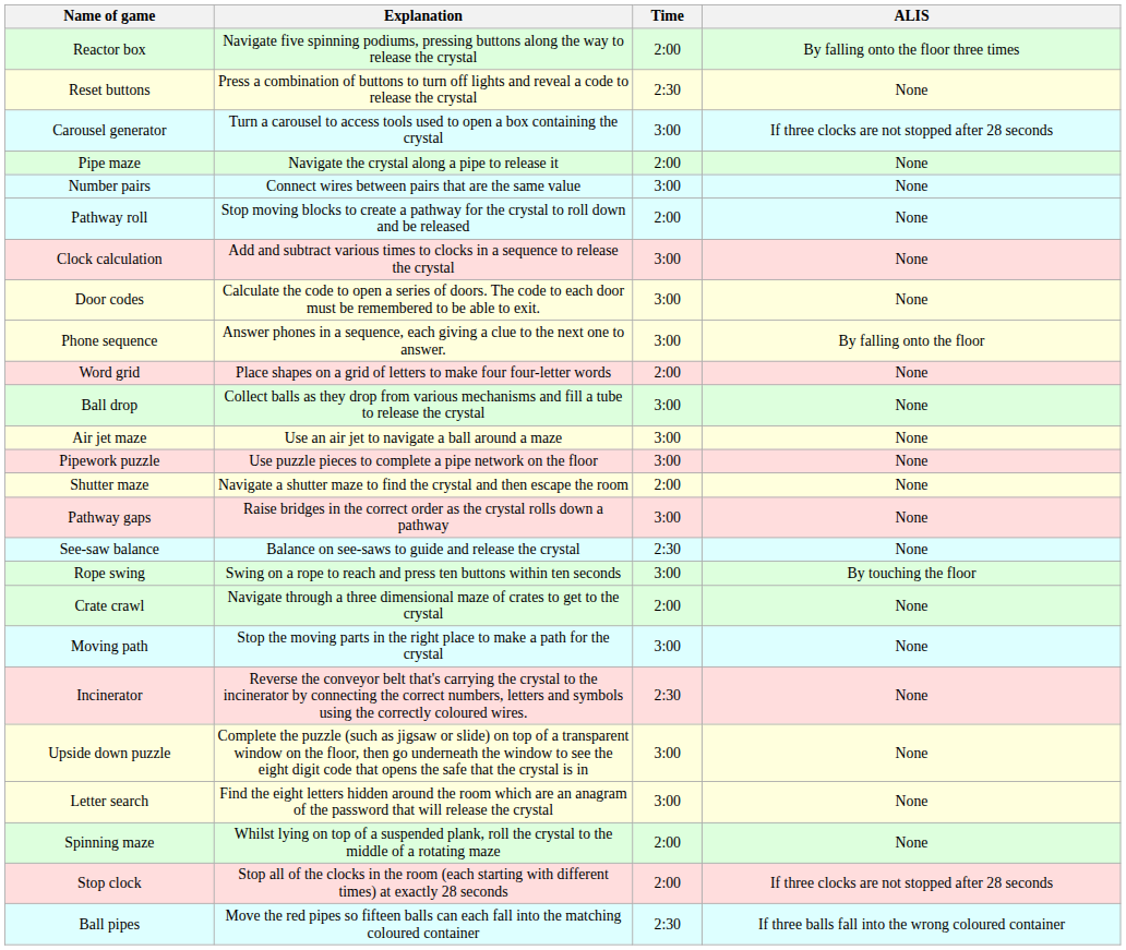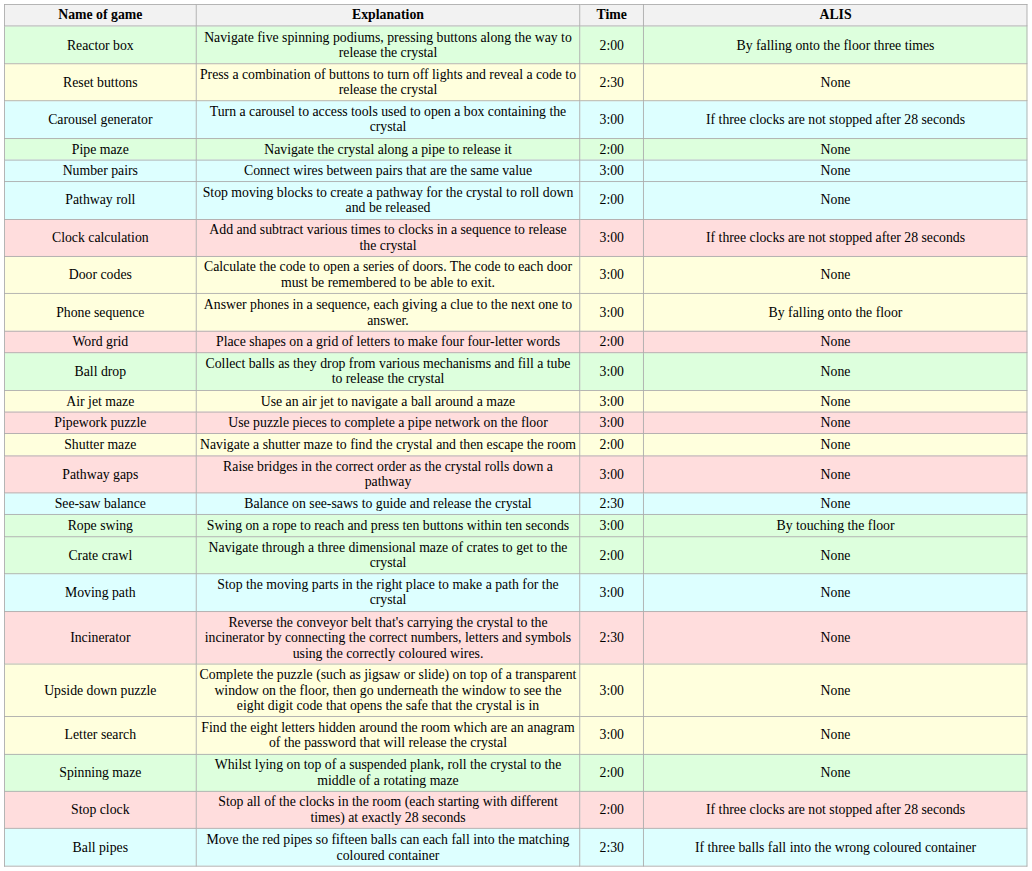 <table class="wikitable sortable"  style="width:60%; left:0 auto; text-align:center;">
 <tr>
 <th style="width:15%;">Name of game</th>
 <th style="width:30%;">Explanation</th>
 <th style="width:5%;">Time</th>
 <th style="width:30%;">ALIS</th>
 </tr>
 <tr style="background:#dfd;">
 <td>Reactor box</td>
 <td>Navigate five spinning podiums, pressing buttons along the way to release the crystal</td>
 <td>2:00</td>
 <td>By falling onto the floor three times</td>
 </tr>
 <tr style="background:#ffd;">
 <td>Reset buttons</td>
 <td>Press a combination of buttons to turn off lights and reveal a code to release the crystal</td>
 <td>2:30</td>
 <td>None</td>
 </tr>
 <tr style="background:#dff;">
 <td>Carousel generator</td>
 <td>Turn a carousel to access tools used to open a box containing the crystal</td>
 <td>3:00</td>
 <td>If three clocks are not stopped after 28 seconds</td>
 </tr>
 <tr style="background:#dfd;">
 <td>Pipe maze</td>
 <td>Navigate the crystal along a pipe to release it</td>
 <td>2:00</td>
 <td>None</td>
 </tr>
 <tr style="background:#dff;">
 <td>Number pairs</td>
 <td>Connect wires between pairs that are the same value</td>
 <td>3:00</td>
 <td>None</td>
 </tr>
 <tr style="background:#dff;">
 <td>Pathway roll</td>
 <td>Stop moving blocks to create a pathway for the crystal to roll down and be released</td>
 <td>2:00</td>
 <td>None</td>
 </tr>
 <tr style="background:#fdd;">
 <td>Clock calculation</td>
 <td>Add and subtract various times to clocks in a sequence to release the crystal</td>
 <td>3:00</td>
-<td>None</td>
+<td>If three clocks are not stopped after 28 seconds</td>
 </tr>
 <tr style="background:#ffd;">
 <td>Door codes</td>
 <td>Calculate the code to open a series of doors. The code to each door must be remembered to be able to exit.</td>
 <td>3:00</td>
 <td>None</td>
 </tr>
 <tr style="background:#ffd;">
 <td>Phone sequence</td>
 <td>Answer phones in a sequence, each giving a clue to the next one to answer.</td>
 <td>3:00</td>
 <td>By falling onto the floor</td>
 </tr>
 <tr style="background:#fdd;">
 <td>Word grid</td>
 <td>Place shapes on a grid of letters to make four four-letter words</td>
 <td>2:00</td>
 <td>None</td>
 </tr>
 <tr style="background:#dfd;">
 <td>Ball drop</td>
 <td>Collect balls as they drop from various mechanisms and fill a tube to release the crystal</td>
 <td>3:00</td>
 <td>None</td>
 </tr>
 <tr style="background:#ffd;">
 <td>Air jet maze</td>
 <td>Use an air jet to navigate a ball around a maze</td>
 <td>3:00</td>
 <td>None</td>
 </tr>
 <tr style="background:#fdd;">
 <td>Pipework puzzle</td>
 <td>Use puzzle pieces to complete a pipe network on the floor</td>
 <td>3:00</td>
 <td>None</td>
 </tr>
 <tr style="background:#ffd;">
 <td>Shutter maze</td>
 <td>Navigate a shutter maze to find the crystal and then escape the room</td>
 <td>2:00</td>
 <td>None</td>
 </tr>
 <tr style="background:#fdd;">
 <td>Pathway gaps</td>
 <td>Raise bridges in the correct order as the crystal rolls down a pathway</td>
 <td>3:00</td>
 <td>None</td>
 </tr>
 <tr style="background:#dff;">
 <td>See-saw balance</td>
 <td>Balance on see-saws to guide and release the crystal</td>
 <td>2:30</td>
 <td>None</td>
 </tr>
 <tr style="background:#dfd;">
 <td>Rope swing</td>
 <td>Swing on a rope to reach and press ten buttons within ten seconds</td>
 <td>3:00</td>
 <td>By touching the floor</td>
 </tr>
 <tr style="background:#dfd;">
 <td>Crate crawl</td>
 <td>Navigate through a three dimensional maze of crates to get to the crystal</td>
 <td>2:00</td>
 <td>None</td>
 </tr>
 <tr style="background:#dff;">
 <td>Moving path</td>
 <td>Stop the moving parts in the right place to make a path for the crystal</td>
 <td>3:00</td>
 <td>None</td>
 </tr>
 <tr style="background:#fdd;">
 <td>Incinerator</td>
 <td>Reverse the conveyor belt that's carrying the crystal to the incinerator by connecting the correct numbers, letters and symbols using the correctly coloured wires.</td>
 <td>2:30</td>
 <td>None</td>
 </tr>
 <tr style="background:#ffd;">
 <td>Upside down puzzle</td>
 <td>Complete the puzzle (such as jigsaw or slide) on top of a transparent window on the floor, then go underneath the window to see the eight digit code that opens the safe that the crystal is in</td>
 <td>3:00</td>
 <td>None</td>
 </tr>
 <tr style="background:#ffd;">
 <td>Letter search</td>
 <td>Find the eight letters hidden around the room which are an anagram of the password that will release the crystal</td>
 <td>3:00</td>
 <td>None</td>
 </tr>
 <tr style="background:#dfd;">
 <td>Spinning maze</td>
 <td>Whilst lying on top of a suspended plank, roll the crystal to the middle of a rotating maze</td>
 <td>2:00</td>
 <td>None</td>
 </tr>
 <tr style="background:#fdd;">
 <td>Stop clock</td>
 <td>Stop all of the clocks in the room (each starting with different times) at exactly 28 seconds</td>
 <td>2:00</td>
 <td>If three clocks are not stopped after 28 seconds</td>
 </tr>
 <tr style="background:#dff;">
 <td>Ball pipes</td>
 <td>Move the red pipes so fifteen balls can each fall into the matching coloured container</td>
 <td>2:30</td>
 <td>If three balls fall into the wrong coloured container</td>
 </tr>
 </table>
